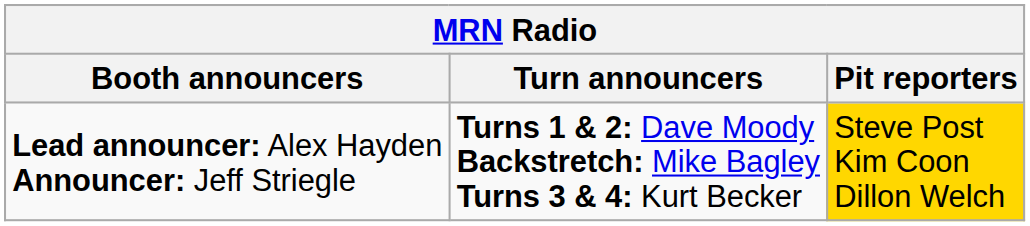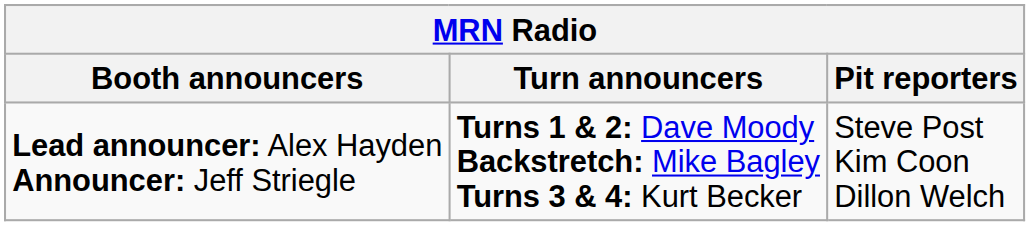 <table class="wikitable" style="font-size: 95%">
 <tr>
 <th colspan="3"><a href='#'>MRN</a> Radio</th>
 </tr>
 <tr>
 <th>Booth announcers</th>
 <th>Turn announcers</th>
 <th>Pit reporters</th>
 </tr>
 <tr>
 <td><strong>Lead announcer:</strong> Alex Hayden<br><strong>Announcer:</strong> Jeff Striegle</td>
 <td><strong>Turns 1 & 2:</strong> <a href='#'>Dave Moody</a><br><strong>Backstretch:</strong> <a href='#'>Mike Bagley</a><br><strong>Turns 3 & 4:</strong> Kurt Becker</td>
-<td style="background: gold;">Steve Post<br>Kim Coon<br>Dillon Welch</td>
+<td>Steve Post<br>Kim Coon<br>Dillon Welch</td>
 </tr>
 </table>
